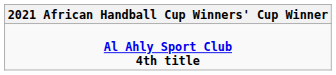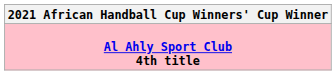 <table class=wikitable style="text-align:center; margin:auto">
 <tr>
 <th>2021 African Handball Cup Winners' Cup Winner</th>
 </tr>
 <tr>
-<td><br><strong><a href='#'>Al Ahly Sport Club</a></strong><br><strong>4th title</strong></td>
+<td style="background: pink;"><br><strong><a href='#'>Al Ahly Sport Club</a></strong><br><strong>4th title</strong></td>
 </tr>
 </table>
